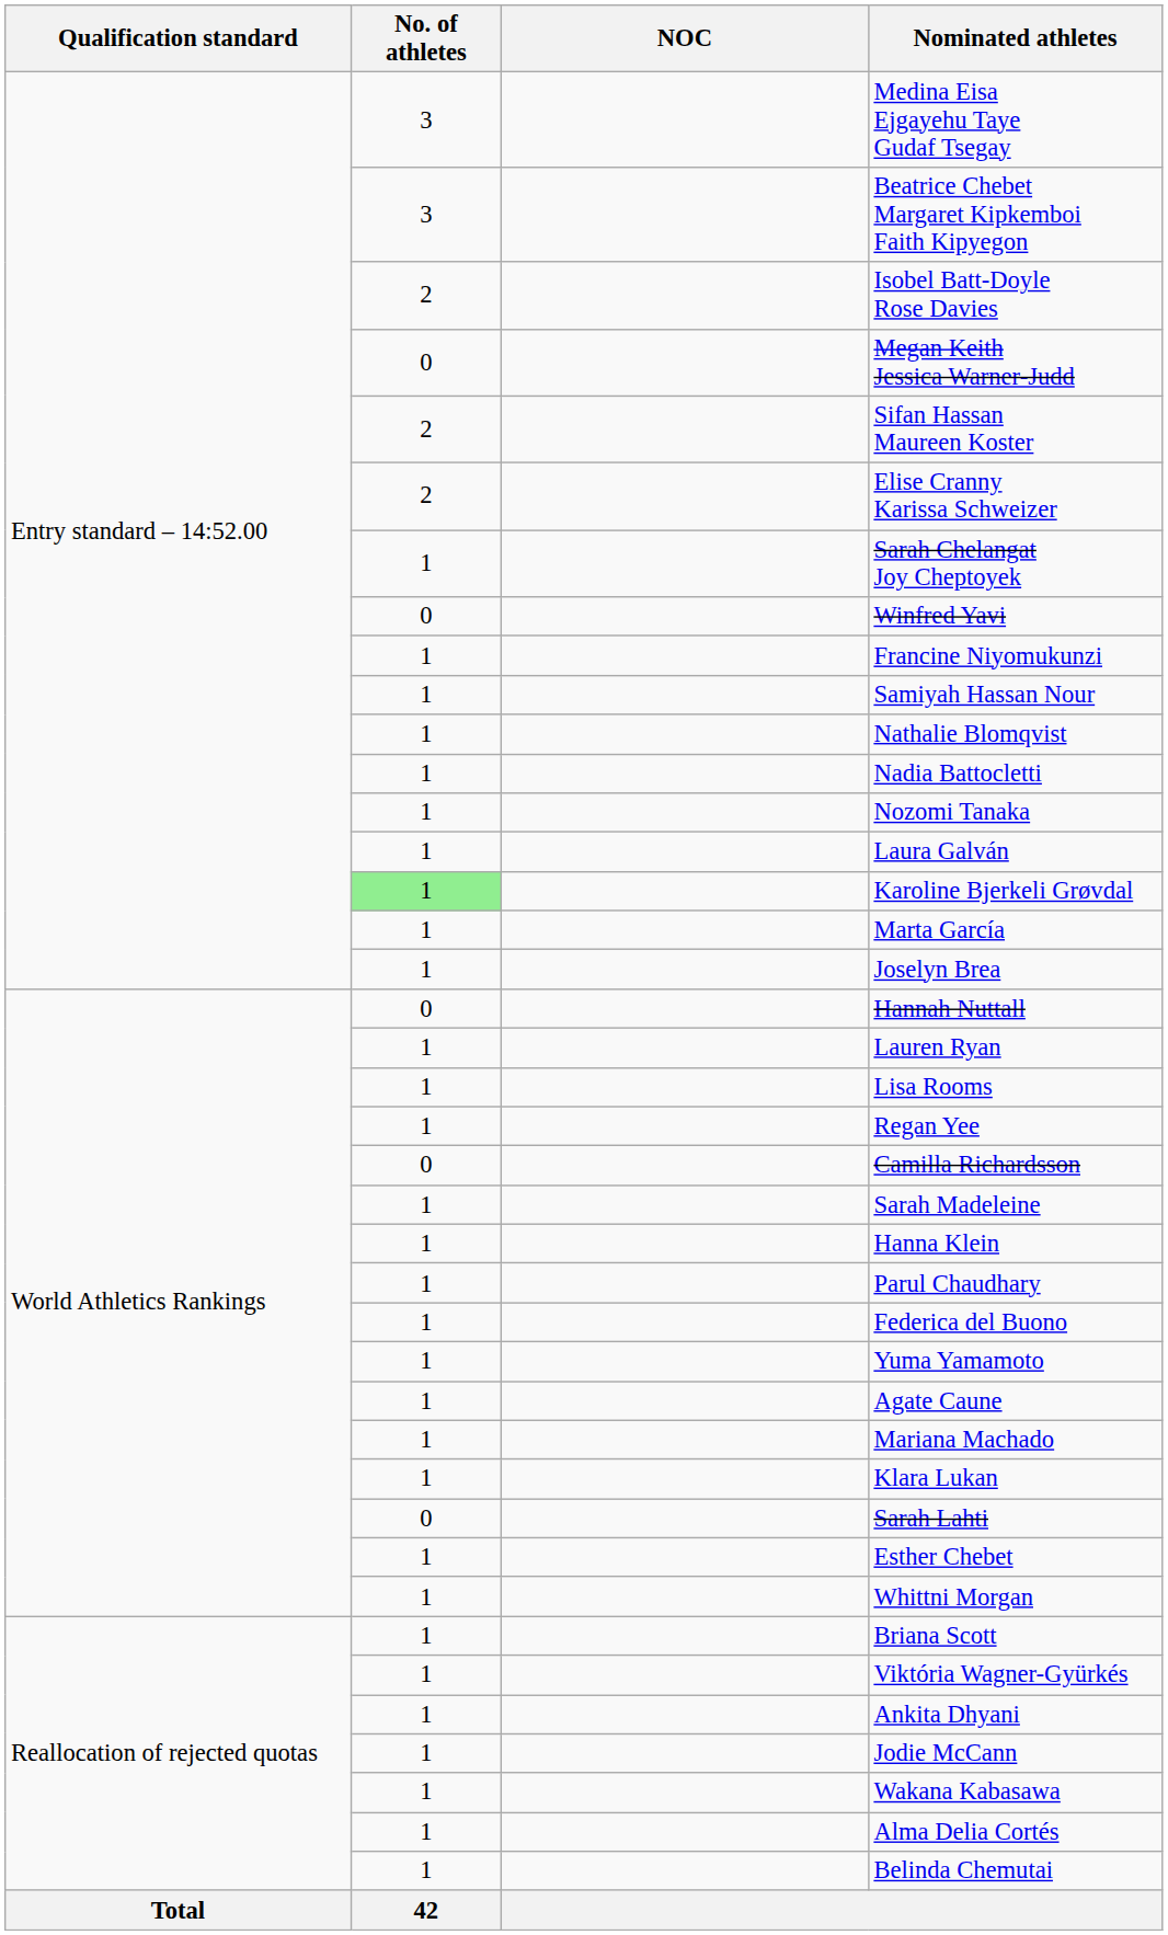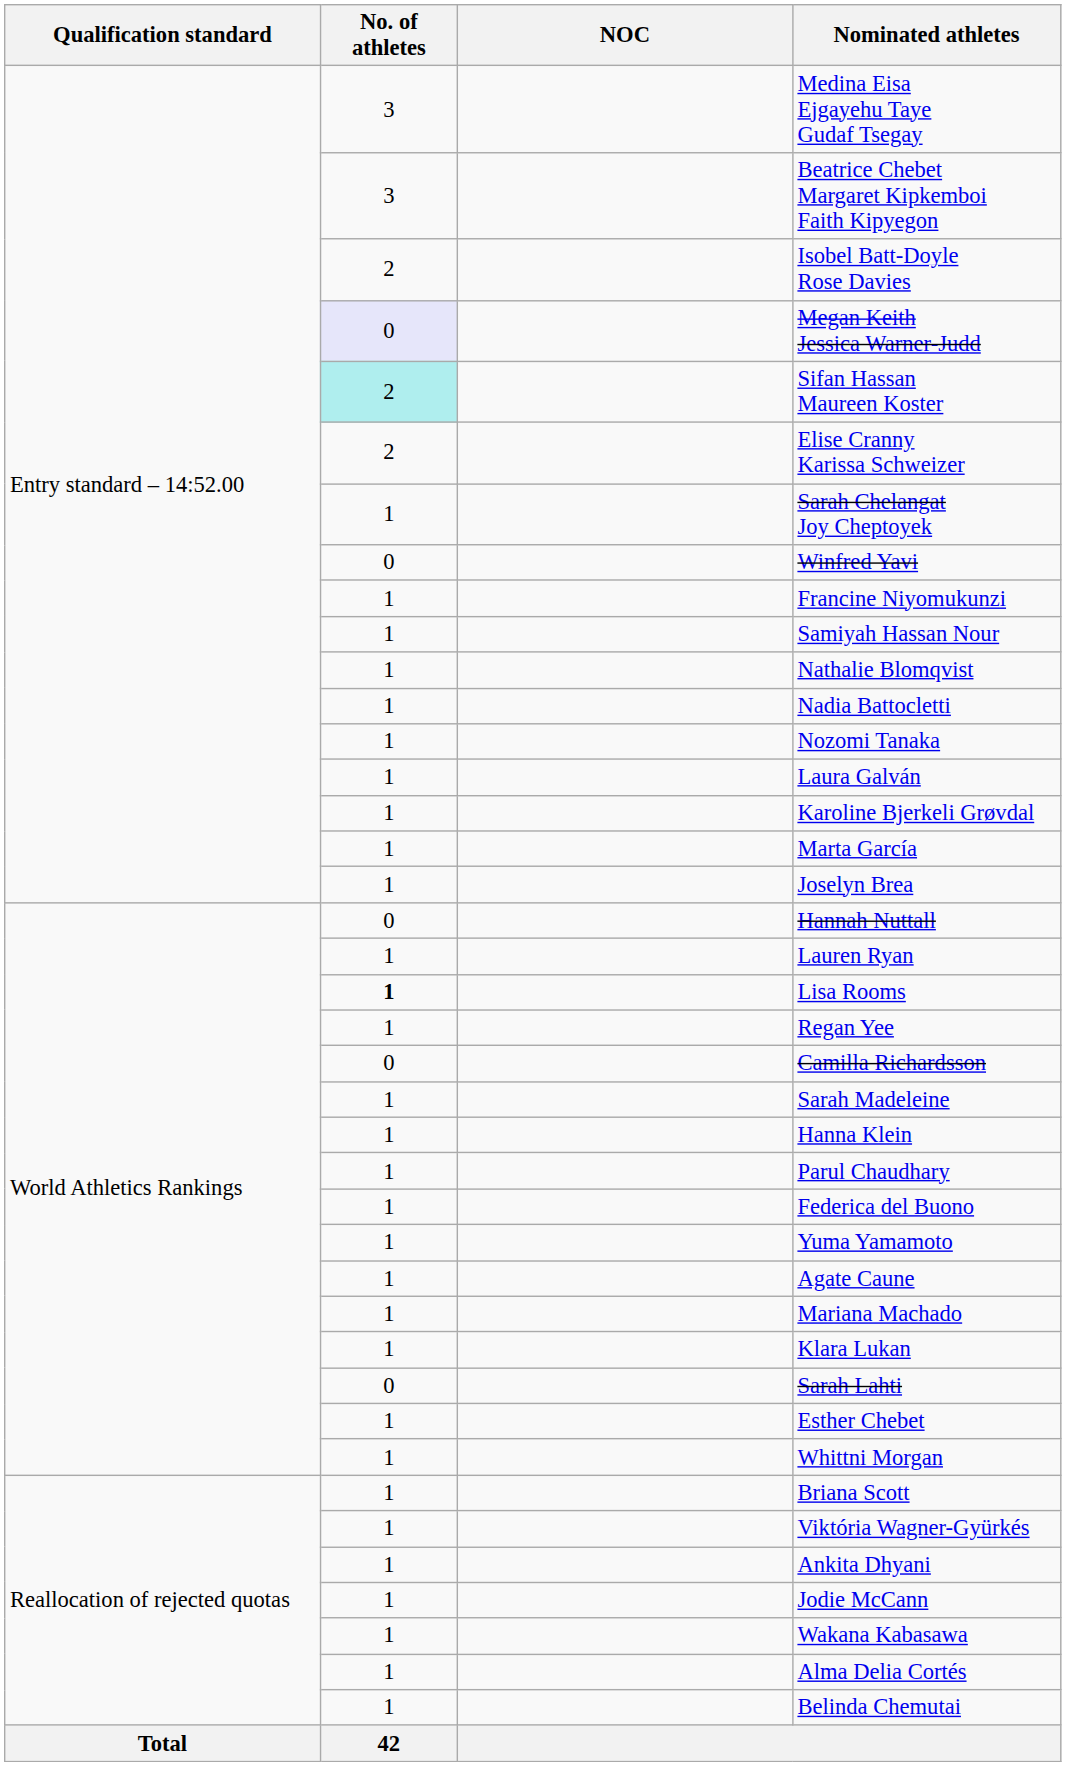 <table class="wikitable sortable" style="text-align:left; width:750px;">
 <tr>
 <th>Qualification standard</th>
 <th width=90>No. of athletes</th>
 <th width=230>NOC</th>
 <th>Nominated athletes</th>
 </tr>
 <tr>
 <td rowspan=17>Entry standard – 14:52.00</td>
 <td align=center>3</td>
 <td></td>
 <td><a href='#'>Medina Eisa</a><br><a href='#'>Ejgayehu Taye</a><br><a href='#'>Gudaf Tsegay</a></td>
 </tr>
 <tr>
 <td align=center>3</td>
 <td></td>
 <td><a href='#'>Beatrice Chebet</a><br><a href='#'>Margaret Kipkemboi</a><br><a href='#'>Faith Kipyegon</a></td>
 </tr>
 <tr>
 <td align=center>2</td>
 <td></td>
 <td><a href='#'>Isobel Batt-Doyle</a><br><a href='#'>Rose Davies</a></td>
 </tr>
 <tr>
-<td align=center>0</td>
+<td align=center style="background: lavender;">0</td>
 <td><s></s></td>
 <td><a href='#'><s>Megan Keith</s></a><br><s><a href='#'>Jessica Warner-Judd</a></s></td>
 </tr>
 <tr>
-<td align=center>2</td>
+<td align=center style="background: paleturquoise;">2</td>
 <td></td>
 <td><a href='#'>Sifan Hassan</a><br><a href='#'>Maureen Koster</a></td>
 </tr>
 <tr>
 <td align=center>2</td>
 <td></td>
 <td><a href='#'>Elise Cranny</a><br><a href='#'>Karissa Schweizer</a></td>
 </tr>
 <tr>
 <td align=center>1</td>
 <td></td>
 <td><s><a href='#'>Sarah Chelangat</a></s><br><a href='#'>Joy Cheptoyek</a></td>
 </tr>
 <tr>
 <td align=center>0</td>
 <td><s></s></td>
 <td><s><a href='#'>Winfred Yavi</a></s></td>
 </tr>
 <tr>
 <td align=center>1</td>
 <td></td>
 <td><a href='#'>Francine Niyomukunzi</a></td>
 </tr>
 <tr>
 <td align=center>1</td>
 <td></td>
 <td><a href='#'>Samiyah Hassan Nour</a></td>
 </tr>
 <tr>
 <td align=center>1</td>
 <td></td>
 <td><a href='#'>Nathalie Blomqvist</a></td>
 </tr>
 <tr>
 <td align=center>1</td>
 <td></td>
 <td><a href='#'>Nadia Battocletti</a></td>
 </tr>
 <tr>
 <td align=center>1</td>
 <td></td>
 <td><a href='#'>Nozomi Tanaka</a></td>
 </tr>
 <tr>
 <td align=center>1</td>
 <td></td>
 <td><a href='#'>Laura Galván</a></td>
 </tr>
 <tr>
-<td align=center style="background: lightgreen;">1</td>
+<td align=center>1</td>
 <td></td>
 <td><a href='#'>Karoline Bjerkeli Grøvdal</a></td>
 </tr>
 <tr>
 <td align=center>1</td>
 <td></td>
 <td><a href='#'>Marta García</a></td>
 </tr>
 <tr>
 <td align=center>1</td>
 <td></td>
 <td><a href='#'>Joselyn Brea</a></td>
 </tr>
 <tr>
 <td rowspan =16>World Athletics Rankings</td>
 <td align=center>0</td>
 <td><s></s></td>
 <td><s><a href='#'>Hannah Nuttall</a></s></td>
 </tr>
 <tr>
 <td align=center>1</td>
 <td></td>
 <td><a href='#'>Lauren Ryan</a></td>
 </tr>
 <tr>
-<td align=center>1</td>
+<td align=center><strong>1</strong></td>
 <td></td>
 <td><a href='#'>Lisa Rooms</a></td>
 </tr>
 <tr>
 <td align=center>1</td>
 <td></td>
 <td><a href='#'>Regan Yee</a></td>
 </tr>
 <tr>
 <td align=center>0</td>
 <td><s></s></td>
 <td><s><a href='#'>Camilla Richardsson</a></s></td>
 </tr>
 <tr>
 <td align=center>1</td>
 <td></td>
 <td><a href='#'>Sarah Madeleine</a></td>
 </tr>
 <tr>
 <td align=center>1</td>
 <td></td>
 <td><a href='#'>Hanna Klein</a></td>
 </tr>
 <tr>
 <td align=center>1</td>
 <td></td>
 <td><a href='#'>Parul Chaudhary</a></td>
 </tr>
 <tr>
 <td align=center>1</td>
 <td></td>
 <td><a href='#'>Federica del Buono</a></td>
 </tr>
 <tr>
 <td align=center>1</td>
 <td></td>
 <td><a href='#'>Yuma Yamamoto</a></td>
 </tr>
 <tr>
 <td align=center>1</td>
 <td></td>
 <td><a href='#'>Agate Caune</a></td>
 </tr>
 <tr>
 <td align=center>1</td>
 <td></td>
 <td><a href='#'>Mariana Machado</a></td>
 </tr>
 <tr>
 <td align=center>1</td>
 <td></td>
 <td><a href='#'>Klara Lukan</a></td>
 </tr>
 <tr>
 <td align=center>0</td>
 <td></td>
 <td><s><a href='#'>Sarah Lahti</a></s></td>
 </tr>
 <tr>
 <td align=center>1</td>
 <td></td>
 <td><a href='#'>Esther Chebet</a></td>
 </tr>
 <tr>
 <td align=center>1</td>
 <td></td>
 <td><a href='#'>Whittni Morgan</a></td>
 </tr>
 <tr>
 <td rowspan =7>Reallocation of rejected quotas</td>
 <td align=center>1</td>
 <td></td>
 <td><a href='#'>Briana Scott</a></td>
 </tr>
 <tr>
 <td align=center>1</td>
 <td></td>
 <td><a href='#'>Viktória Wagner-Gyürkés</a></td>
 </tr>
 <tr>
 <td align=center>1</td>
 <td></td>
 <td><a href='#'>Ankita Dhyani</a></td>
 </tr>
 <tr>
 <td align=center>1</td>
 <td></td>
 <td><a href='#'>Jodie McCann</a></td>
 </tr>
 <tr>
 <td align=center>1</td>
 <td></td>
 <td><a href='#'>Wakana Kabasawa</a></td>
 </tr>
 <tr>
 <td align=center>1</td>
 <td></td>
 <td><a href='#'>Alma Delia Cortés</a></td>
 </tr>
 <tr>
 <td align=center>1</td>
 <td></td>
 <td><a href='#'>Belinda Chemutai</a></td>
 </tr>
 <tr>
 <th>Total</th>
 <th>42</th>
 <th colspan=2></th>
 </tr>
 </table>
